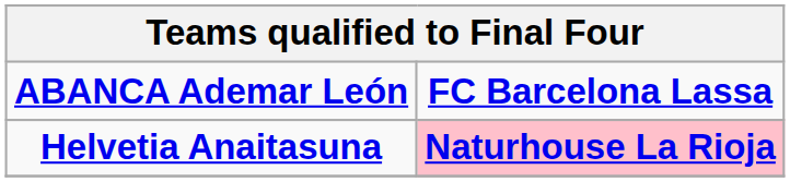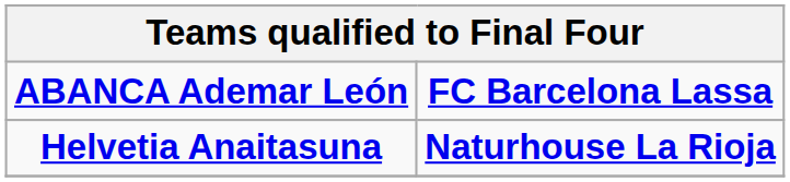 <table class="wikitable" style="text-align: center; margin: 0 auto;">
 <tr>
 <th colspan="4">Teams qualified to <strong>Final Four</strong></th>
 </tr>
 <tr>
 <td><strong><a href='#'>ABANCA Ademar León</a></strong></td>
 <td><strong><a href='#'>FC Barcelona Lassa</a></strong></td>
 </tr>
 <tr>
 <td><strong><a href='#'>Helvetia Anaitasuna</a></strong></td>
-<td style="background: pink;"><strong><a href='#'>Naturhouse La Rioja</a></strong></td>
+<td><strong><a href='#'>Naturhouse La Rioja</a></strong></td>
 </tr>
 <tr>
 </tr>
 </table>
